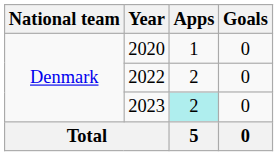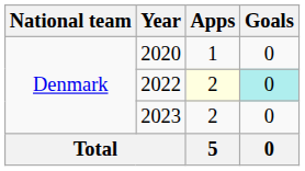 <table class="wikitable" style="text-align:center">
 <tr>
 <th>National team</th>
 <th>Year</th>
 <th>Apps</th>
 <th>Goals</th>
 </tr>
 <tr>
 <td rowspan="3"><a href='#'>Denmark</a></td>
 <td>2020</td>
 <td>1</td>
 <td>0</td>
 </tr>
 <tr>
 <td>2022</td>
-<td>2</td>
-<td>0</td>
+<td style="background: lightyellow;">2</td>
+<td style="background: paleturquoise;">0</td>
 </tr>
 <tr>
 <td>2023</td>
-<td style="background: paleturquoise;">2</td>
+<td>2</td>
 <td>0</td>
 </tr>
 <tr>
 <th colspan="2">Total</th>
 <th>5</th>
 <th>0</th>
 </tr>
 </table>
